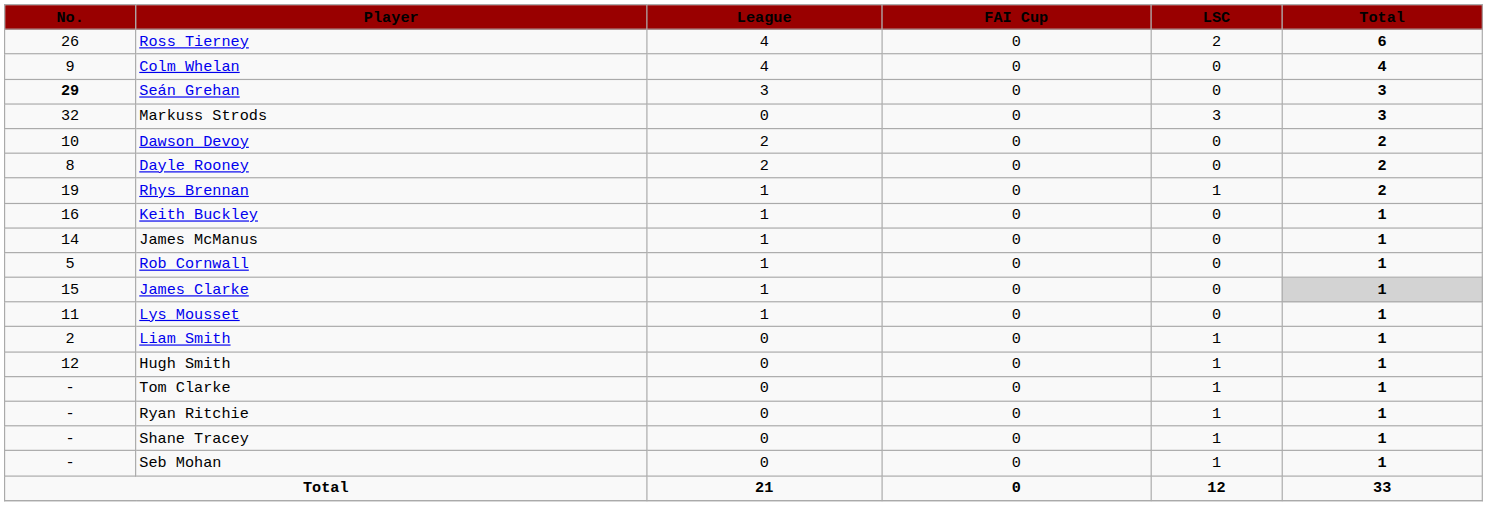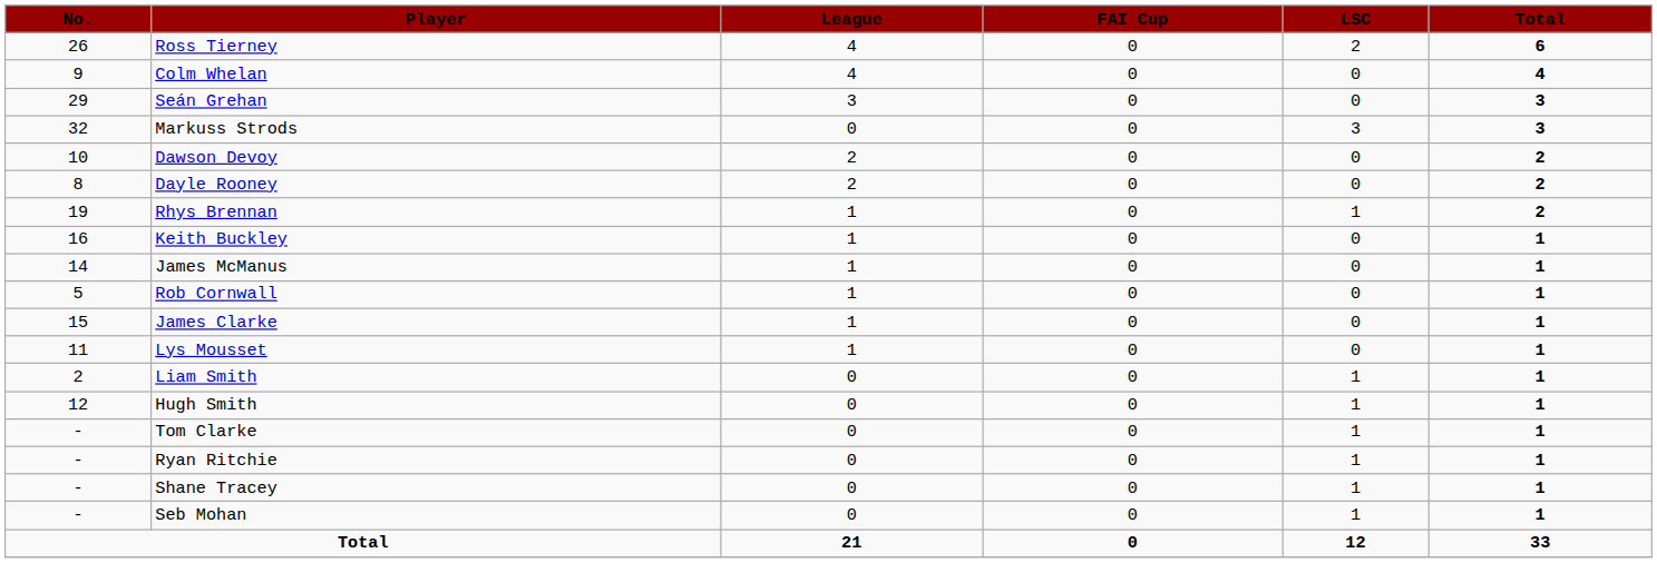 <table class="wikitable" style="text-align:center;width:100%;">
 <tr>
 <th style=background:#990000;color:#000000>No.</th>
 <th style=background:#990000;color:#000000>Player</th>
 <th style=background:#990000;color:#000000>League</th>
 <th style=background:#990000;color:#000000>FAI Cup</th>
 <th style=background:#990000;color:#000000>LSC</th>
 <th style=background:#990000;color:#000000>Total</th>
 </tr>
 <tr>
 <td>26</td>
 <td align=left> <a href='#'>Ross Tierney</a></td>
 <td>4</td>
 <td>0</td>
 <td>2</td>
 <td><strong>6</strong></td>
 </tr>
 <tr>
 <td>9</td>
 <td align=left> <a href='#'>Colm Whelan</a></td>
 <td>4</td>
 <td>0</td>
 <td>0</td>
 <td><strong>4</strong></td>
 </tr>
 <tr>
-<td><strong>29</strong></td>
+<td>29</td>
 <td align=left> <a href='#'>Seán Grehan</a></td>
 <td>3</td>
 <td>0</td>
 <td>0</td>
 <td><strong>3</strong></td>
 </tr>
 <tr>
 <td>32</td>
 <td align=left> Markuss Strods</td>
 <td>0</td>
 <td>0</td>
 <td>3</td>
 <td><strong>3</strong></td>
 </tr>
 <tr>
 <td>10</td>
 <td align=left> <a href='#'>Dawson Devoy</a></td>
 <td>2</td>
 <td>0</td>
 <td>0</td>
 <td><strong>2</strong></td>
 </tr>
 <tr>
 <td>8</td>
 <td align=left> <a href='#'>Dayle Rooney</a></td>
 <td>2</td>
 <td>0</td>
 <td>0</td>
 <td><strong>2</strong></td>
 </tr>
 <tr>
 <td>19</td>
 <td align=left> <a href='#'>Rhys Brennan</a></td>
 <td>1</td>
 <td>0</td>
 <td>1</td>
 <td><strong>2</strong></td>
 </tr>
 <tr>
 <td>16</td>
 <td align=left> <a href='#'>Keith Buckley</a></td>
 <td>1</td>
 <td>0</td>
 <td>0</td>
 <td><strong>1</strong></td>
 </tr>
 <tr>
 <td>14</td>
 <td align=left> James McManus</td>
 <td>1</td>
 <td>0</td>
 <td>0</td>
 <td><strong>1</strong></td>
 </tr>
 <tr>
 <td>5</td>
 <td align=left> <a href='#'>Rob Cornwall</a></td>
 <td>1</td>
 <td>0</td>
 <td>0</td>
 <td><strong>1</strong></td>
 </tr>
 <tr>
 <td>15</td>
 <td align=left> <a href='#'>James Clarke</a></td>
 <td>1</td>
 <td>0</td>
 <td>0</td>
-<td style="background: lightgrey;"><strong>1</strong></td>
+<td><strong>1</strong></td>
 </tr>
 <tr>
 <td>11</td>
 <td align=left> <a href='#'>Lys Mousset</a></td>
 <td>1</td>
 <td>0</td>
 <td>0</td>
 <td><strong>1</strong></td>
 </tr>
 <tr>
 <td>2</td>
 <td align=left> <a href='#'>Liam Smith</a></td>
 <td>0</td>
 <td>0</td>
 <td>1</td>
 <td><strong>1</strong></td>
 </tr>
 <tr>
 <td>12</td>
 <td align=left> Hugh Smith</td>
 <td>0</td>
 <td>0</td>
 <td>1</td>
 <td><strong>1</strong></td>
 </tr>
 <tr>
 <td>-</td>
 <td align=left> Tom Clarke</td>
 <td>0</td>
 <td>0</td>
 <td>1</td>
 <td><strong>1</strong></td>
 </tr>
 <tr>
 <td>-</td>
 <td align=left> Ryan Ritchie</td>
 <td>0</td>
 <td>0</td>
 <td>1</td>
 <td><strong>1</strong></td>
 </tr>
 <tr>
 <td>-</td>
 <td align=left> Shane Tracey</td>
 <td>0</td>
 <td>0</td>
 <td>1</td>
 <td><strong>1</strong></td>
 </tr>
 <tr>
 <td>-</td>
 <td align=left> Seb Mohan</td>
 <td>0</td>
 <td>0</td>
 <td>1</td>
 <td><strong>1</strong></td>
 </tr>
 <tr>
 <td colspan=2><strong>Total</strong></td>
 <td><strong>21</strong></td>
 <td><strong>0</strong></td>
 <td><strong>12</strong></td>
 <td><strong>33</strong></td>
 </tr>
 <tr>
 </tr>
 </table>
